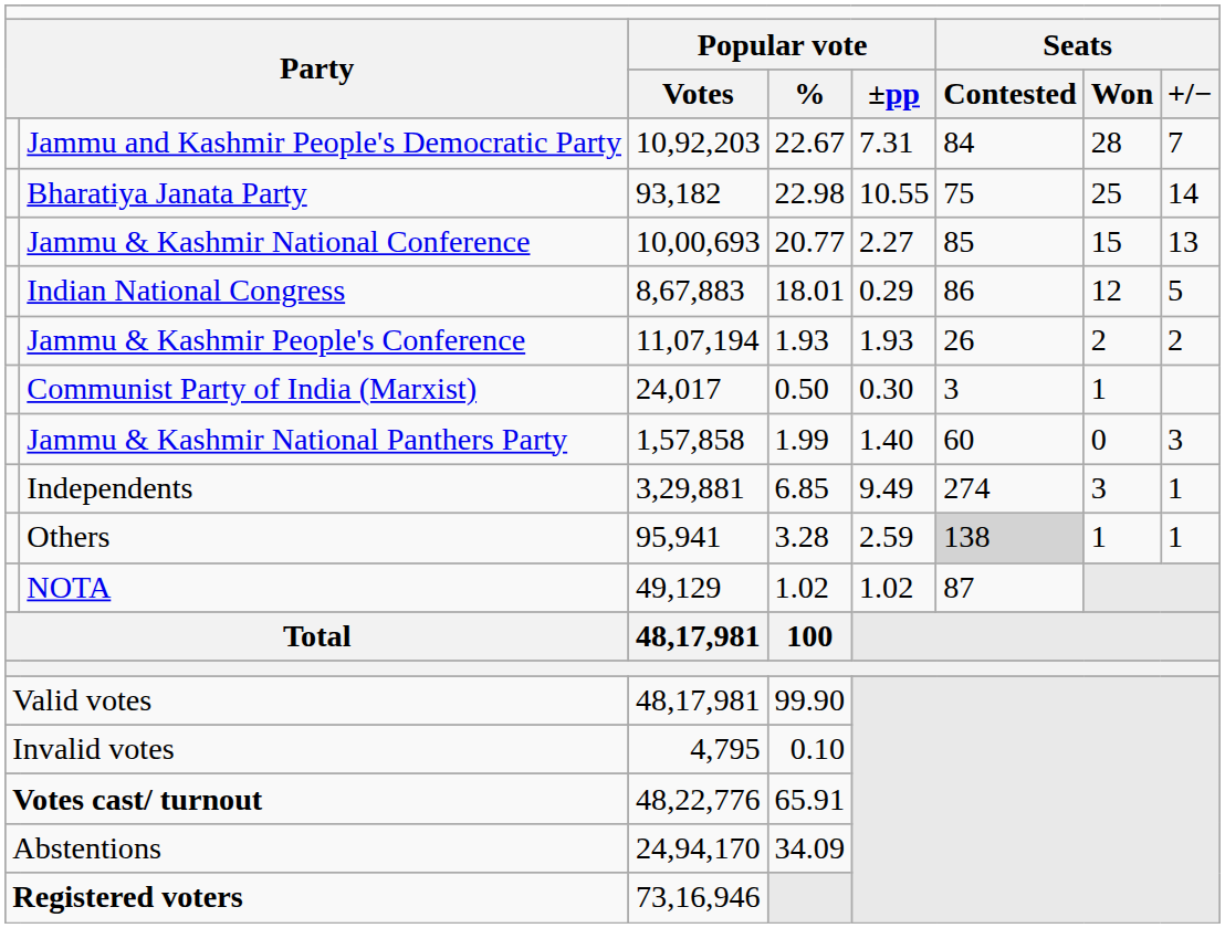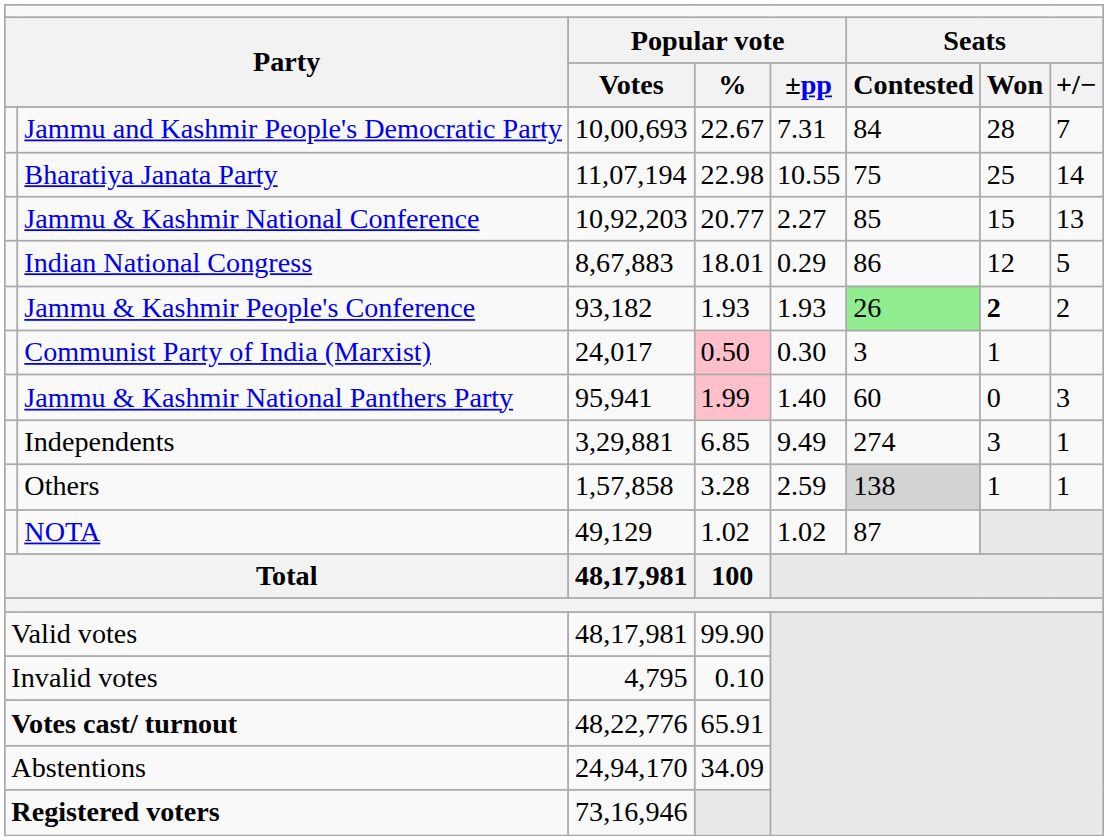 <table class="wikitable sortable">
 <tr>
 <td colspan="8" align="center"></td>
 </tr>
 <tr>
 <th colspan="2" rowspan="2">Party</th>
 <th colspan="3">Popular vote</th>
 <th colspan="3">Seats</th>
 </tr>
 <tr>
 <th>Votes</th>
 <th>%</th>
 <th>±<a href='#'>pp</a></th>
 <th>Contested</th>
 <th>Won</th>
 <th><strong>+/−</strong></th>
 </tr>
 <tr>
 <td></td>
 <td><a href='#'>Jammu and Kashmir People's Democratic Party</a></td>
-<td>10,92,203</td>
+<td>10,00,693</td>
 <td>22.67</td>
 <td>7.31</td>
 <td>84</td>
 <td>28</td>
 <td>7</td>
 </tr>
 <tr>
 <td></td>
 <td><a href='#'>Bharatiya Janata Party</a></td>
-<td>93,182</td>
+<td>11,07,194</td>
 <td>22.98</td>
 <td>10.55</td>
 <td>75</td>
 <td>25</td>
 <td>14</td>
 </tr>
 <tr>
 <td></td>
 <td><a href='#'>Jammu & Kashmir National Conference</a></td>
-<td>10,00,693</td>
+<td>10,92,203</td>
 <td>20.77</td>
 <td>2.27</td>
 <td>85</td>
 <td>15</td>
 <td>13</td>
 </tr>
 <tr>
 <td></td>
 <td><a href='#'>Indian National Congress</a></td>
 <td>8,67,883</td>
 <td>18.01</td>
 <td>0.29</td>
 <td>86</td>
 <td>12</td>
 <td>5</td>
 </tr>
 <tr>
 <td></td>
 <td><a href='#'>Jammu & Kashmir People's Conference</a></td>
-<td>11,07,194</td>
+<td>93,182</td>
 <td>1.93</td>
 <td>1.93</td>
-<td>26</td>
-<td>2</td>
+<td style="background: lightgreen;">26</td>
+<td><strong>2</strong></td>
 <td>2</td>
 </tr>
 <tr>
 <td></td>
 <td><a href='#'>Communist Party of India (Marxist)</a></td>
 <td>24,017</td>
-<td>0.50</td>
+<td style="background: pink;">0.50</td>
 <td>0.30</td>
 <td>3</td>
 <td>1</td>
 <td></td>
 </tr>
 <tr>
 <td></td>
 <td><a href='#'>Jammu & Kashmir National Panthers Party</a></td>
-<td>1,57,858</td>
-<td>1.99</td>
+<td>95,941</td>
+<td style="background: pink;">1.99</td>
 <td>1.40</td>
 <td>60</td>
 <td>0</td>
 <td>3</td>
 </tr>
 <tr>
 <td></td>
 <td>Independents</td>
 <td>3,29,881</td>
 <td>6.85</td>
 <td>9.49</td>
 <td>274</td>
 <td>3</td>
 <td>1</td>
 </tr>
 <tr>
 <td></td>
 <td>Others</td>
-<td>95,941</td>
+<td>1,57,858</td>
 <td>3.28</td>
 <td>2.59</td>
 <td style="background: lightgrey;">138</td>
 <td>1</td>
 <td>1</td>
 </tr>
 <tr>
 <td></td>
 <td><a href='#'>NOTA</a></td>
 <td>49,129</td>
 <td>1.02</td>
 <td>1.02</td>
 <td>87</td>
 <th colspan="3" style="background-color:#E9E9E9"></th>
 </tr>
 <tr>
 <th colspan="2">Total</th>
 <th>48,17,981</th>
 <th>100</th>
 <th colspan="4" style="background-color:#E9E9E9"></th>
 </tr>
 <tr>
 <th colspan="8"></th>
 </tr>
 <tr>
 <td colspan="2" style="text-align:left;">Valid votes</td>
 <td align="right">48,17,981</td>
 <td align="right">99.90</td>
 <th colspan="4" rowspan="5" style="background-color:#E9E9E9"></th>
 </tr>
 <tr>
 <td colspan="2" style="text-align:left;">Invalid votes</td>
 <td align="right">4,795</td>
 <td align="right">0.10</td>
 </tr>
 <tr>
 <td colspan="2" style="text-align:left;"><strong>Votes cast/ turnout</strong></td>
 <td align="right">48,22,776</td>
 <td align="right">65.91</td>
 </tr>
 <tr>
 <td colspan="2" style="text-align:left;">Abstentions</td>
 <td align="right">24,94,170</td>
 <td align="right">34.09</td>
 </tr>
 <tr>
 <td colspan="2" style="text-align:left;"><strong>Registered voters</strong></td>
 <td align="right">73,16,946</td>
 <td style="background-color:#E9E9E9"></td>
 </tr>
 </table>
